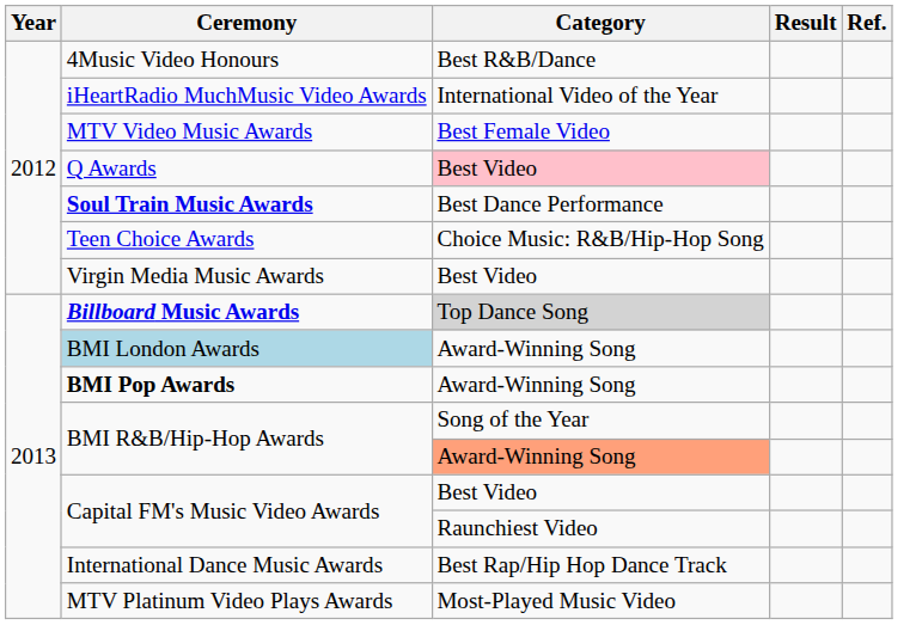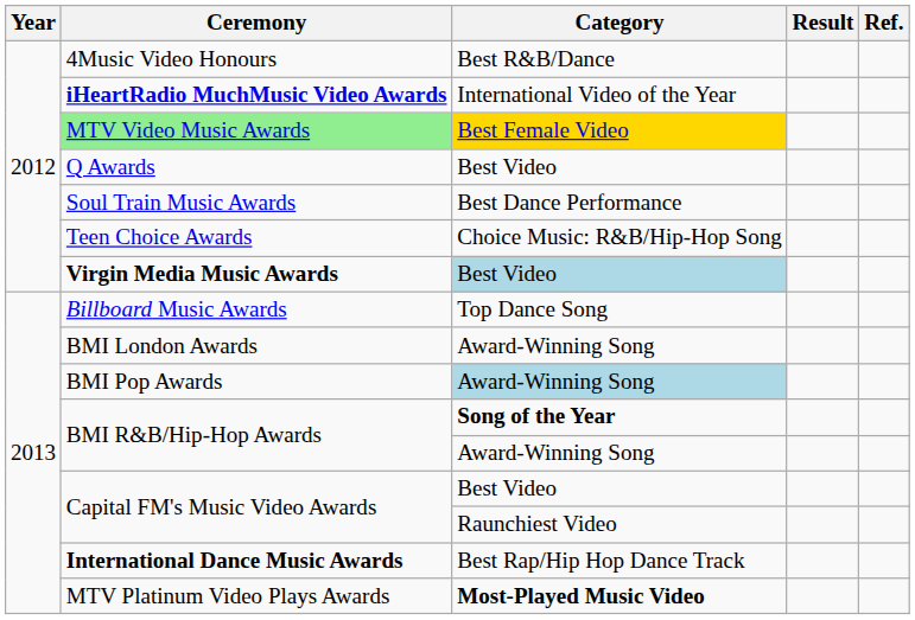 <table class="sortable wikitable">
 <tr>
 <th>Year</th>
 <th>Ceremony</th>
 <th>Category</th>
 <th>Result</th>
 <th>Ref.</th>
 </tr>
 <tr>
 <td rowspan="7">2012</td>
 <td>4Music Video Honours</td>
 <td>Best R&B/Dance</td>
 <td></td>
 <td style="text-align:center;"></td>
 </tr>
 <tr>
-<td><a href='#'>iHeartRadio MuchMusic Video Awards</a></td>
+<td><strong><a href='#'>iHeartRadio MuchMusic Video Awards</a></strong></td>
 <td>International Video of the Year</td>
 <td></td>
 <td style="text-align:center;"></td>
 </tr>
 <tr>
-<td><a href='#'>MTV Video Music Awards</a></td>
-<td><a href='#'>Best Female Video</a></td>
+<td style="background: lightgreen;"><a href='#'>MTV Video Music Awards</a></td>
+<td style="background: gold;"><a href='#'>Best Female Video</a></td>
 <td></td>
 <td style="text-align:center;"></td>
 </tr>
 <tr>
 <td><a href='#'>Q Awards</a></td>
-<td style="background: pink;">Best Video</td>
+<td>Best Video</td>
 <td></td>
 <td style="text-align:center;"></td>
 </tr>
 <tr>
-<td><strong><a href='#'>Soul Train Music Awards</a></strong></td>
+<td><a href='#'>Soul Train Music Awards</a></td>
 <td>Best Dance Performance</td>
 <td></td>
 <td style="text-align:center;"></td>
 </tr>
 <tr>
 <td><a href='#'>Teen Choice Awards</a></td>
 <td>Choice Music: R&B/Hip-Hop Song</td>
 <td></td>
 <td style="text-align:center;"></td>
 </tr>
 <tr>
-<td>Virgin Media Music Awards</td>
-<td>Best Video</td>
+<td><strong>Virgin Media Music Awards</strong></td>
+<td style="background: lightblue;">Best Video</td>
 <td></td>
 <td style="text-align:center;"></td>
 </tr>
 <tr>
 <td rowspan="9">2013</td>
-<td><strong><a href='#'><em>Billboard</em> Music Awards</a></strong></td>
-<td style="background: lightgrey;">Top Dance Song</td>
+<td><a href='#'><em>Billboard</em> Music Awards</a></td>
+<td>Top Dance Song</td>
 <td></td>
 <td style="text-align:center;"></td>
 </tr>
 <tr>
-<td style="background: lightblue;">BMI London Awards</td>
+<td>BMI London Awards</td>
 <td>Award-Winning Song</td>
 <td></td>
 <td style="text-align:center;"></td>
 </tr>
 <tr>
-<td><strong>BMI Pop Awards</strong></td>
-<td>Award-Winning Song</td>
+<td>BMI Pop Awards</td>
+<td style="background: lightblue;">Award-Winning Song</td>
 <td></td>
 <td style="text-align:center;"></td>
 </tr>
 <tr>
 <td rowspan="2">BMI R&B/Hip-Hop Awards</td>
-<td>Song of the Year</td>
+<td><strong>Song of the Year</strong></td>
 <td></td>
 <td style="text-align:center;"></td>
 </tr>
 <tr>
-<td style="background: lightsalmon;">Award-Winning Song</td>
+<td>Award-Winning Song</td>
 <td></td>
 <td style="text-align:center;"></td>
 </tr>
 <tr>
 <td rowspan="2">Capital FM's Music Video Awards</td>
 <td>Best Video</td>
 <td></td>
 <td style="text-align:center;"></td>
 </tr>
 <tr>
 <td>Raunchiest Video</td>
 <td></td>
 <td style="text-align:center;"></td>
 </tr>
 <tr>
-<td>International Dance Music Awards</td>
+<td><strong>International Dance Music Awards</strong></td>
 <td>Best Rap/Hip Hop Dance Track</td>
 <td></td>
 <td style="text-align:center;"></td>
 </tr>
 <tr>
 <td>MTV Platinum Video Plays Awards</td>
-<td>Most-Played Music Video</td>
+<td><strong>Most-Played Music Video</strong></td>
 <td></td>
 <td style="text-align:center;"></td>
 </tr>
 </table>
